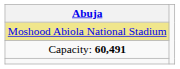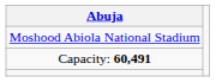 <table class="wikitable" style="margin:1em auto; text-align:center">
 <tr>
 <th><a href='#'>Abuja</a></th>
 <td rowspan="4"></td>
 </tr>
 <tr>
-<td style="background: khaki;"><a href='#'>Moshood Abiola National Stadium</a></td>
+<td><a href='#'>Moshood Abiola National Stadium</a></td>
 </tr>
 <tr>
 <td>Capacity: <strong>60,491</strong></td>
 </tr>
 <tr>
 <td></td>
 </tr>
 </table>
